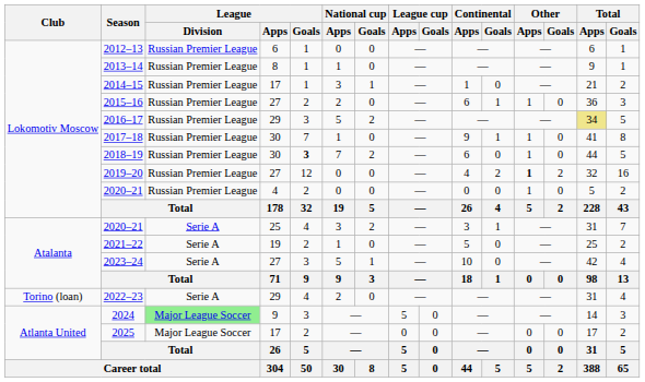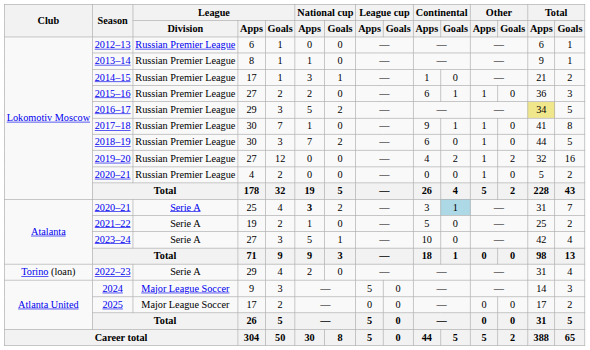 <table class="wikitable" style="text-align:center">
 <tr>
 <th rowspan="2">Club</th>
 <th rowspan="2">Season</th>
 <th colspan="3">League</th>
 <th colspan="2">National cup</th>
 <th colspan="2">League cup</th>
 <th colspan="2">Continental</th>
 <th colspan="2">Other</th>
 <th colspan="2">Total</th>
 </tr>
 <tr>
 <th>Division</th>
 <th>Apps</th>
 <th>Goals</th>
 <th>Apps</th>
 <th>Goals</th>
 <th>Apps</th>
 <th>Goals</th>
 <th>Apps</th>
 <th>Goals</th>
 <th>Apps</th>
 <th>Goals</th>
 <th>Apps</th>
 <th>Goals</th>
 </tr>
 <tr>
 <td rowspan="10"><a href='#'>Lokomotiv Moscow</a></td>
 <td><a href='#'>2012–13</a></td>
 <td><a href='#'>Russian Premier League</a></td>
 <td>6</td>
 <td>1</td>
 <td>0</td>
 <td>0</td>
 <td colspan="2">—</td>
 <td colspan="2">—</td>
 <td colspan="2">—</td>
 <td>6</td>
 <td>1</td>
 </tr>
 <tr>
 <td><a href='#'>2013–14</a></td>
 <td>Russian Premier League</td>
 <td>8</td>
 <td>1</td>
 <td>1</td>
 <td>0</td>
 <td colspan="2">—</td>
 <td colspan="2">—</td>
 <td colspan="2">—</td>
 <td>9</td>
 <td>1</td>
 </tr>
 <tr>
 <td><a href='#'>2014–15</a></td>
 <td>Russian Premier League</td>
 <td>17</td>
 <td>1</td>
 <td>3</td>
 <td>1</td>
 <td colspan="2">—</td>
 <td>1</td>
 <td>0</td>
 <td colspan="2">—</td>
 <td>21</td>
 <td>2</td>
 </tr>
 <tr>
 <td><a href='#'>2015–16</a></td>
 <td>Russian Premier League</td>
 <td>27</td>
 <td>2</td>
 <td>2</td>
 <td>0</td>
 <td colspan="2">—</td>
 <td>6</td>
 <td>1</td>
 <td>1</td>
 <td>0</td>
 <td>36</td>
 <td>3</td>
 </tr>
 <tr>
 <td><a href='#'>2016–17</a></td>
 <td>Russian Premier League</td>
 <td>29</td>
 <td>3</td>
 <td>5</td>
 <td>2</td>
 <td colspan="2">—</td>
 <td colspan="2">—</td>
 <td colspan="2">—</td>
 <td style="background: khaki;">34</td>
 <td>5</td>
 </tr>
 <tr>
 <td><a href='#'>2017–18</a></td>
 <td>Russian Premier League</td>
 <td>30</td>
 <td>7</td>
 <td>1</td>
 <td>0</td>
 <td colspan="2">—</td>
 <td>9</td>
 <td>1</td>
 <td>1</td>
 <td>0</td>
 <td>41</td>
 <td>8</td>
 </tr>
 <tr>
 <td><a href='#'>2018–19</a></td>
 <td>Russian Premier League</td>
 <td>30</td>
-<td><strong>3</strong></td>
+<td>3</td>
 <td>7</td>
 <td>2</td>
 <td colspan="2">—</td>
 <td>6</td>
 <td>0</td>
 <td>1</td>
 <td>0</td>
 <td>44</td>
 <td>5</td>
 </tr>
 <tr>
 <td><a href='#'>2019–20</a></td>
 <td>Russian Premier League</td>
 <td>27</td>
 <td>12</td>
 <td>0</td>
 <td>0</td>
 <td colspan="2">—</td>
 <td>4</td>
 <td>2</td>
-<td><strong>1</strong></td>
+<td>1</td>
 <td>2</td>
 <td>32</td>
 <td>16</td>
 </tr>
 <tr>
 <td><a href='#'>2020–21</a></td>
 <td>Russian Premier League</td>
 <td>4</td>
 <td>2</td>
 <td>0</td>
 <td>0</td>
 <td colspan="2">—</td>
 <td>0</td>
 <td>0</td>
 <td>1</td>
 <td>0</td>
 <td>5</td>
 <td>2</td>
 </tr>
 <tr>
 <th colspan="2">Total</th>
 <th>178</th>
 <th>32</th>
 <th>19</th>
 <th>5</th>
 <th colspan="2">—</th>
 <th>26</th>
 <th>4</th>
 <th>5</th>
 <th>2</th>
 <th>228</th>
 <th>43</th>
 </tr>
 <tr>
 <td rowspan="4"><a href='#'>Atalanta</a></td>
 <td><a href='#'>2020–21</a></td>
 <td><a href='#'>Serie A</a></td>
 <td>25</td>
 <td>4</td>
-<td>3</td>
+<td><strong>3</strong></td>
 <td>2</td>
 <td colspan="2">—</td>
 <td>3</td>
-<td>1</td>
+<td style="background: lightblue;">1</td>
 <td colspan="2">—</td>
 <td>31</td>
 <td>7</td>
 </tr>
 <tr>
 <td><a href='#'>2021–22</a></td>
 <td>Serie A</td>
 <td>19</td>
 <td>2</td>
 <td>1</td>
 <td>0</td>
 <td colspan="2">—</td>
 <td>5</td>
 <td>0</td>
 <td colspan="2">—</td>
 <td>25</td>
 <td>2</td>
 </tr>
 <tr>
 <td><a href='#'>2023–24</a></td>
 <td>Serie A</td>
 <td>27</td>
 <td>3</td>
 <td>5</td>
 <td>1</td>
 <td colspan="2">—</td>
 <td>10</td>
 <td>0</td>
 <td colspan="2">—</td>
 <td>42</td>
 <td>4</td>
 </tr>
 <tr>
 <th colspan="2">Total</th>
 <th>71</th>
 <th>9</th>
 <th>9</th>
 <th>3</th>
 <th colspan="2">—</th>
 <th>18</th>
 <th>1</th>
 <th>0</th>
 <th>0</th>
 <th>98</th>
 <th>13</th>
 </tr>
 <tr>
 <td><a href='#'>Torino</a> (loan)</td>
 <td><a href='#'>2022–23</a></td>
 <td>Serie A</td>
 <td>29</td>
 <td>4</td>
 <td>2</td>
 <td>0</td>
 <td colspan="2">—</td>
 <td colspan="2">—</td>
 <td colspan="2">—</td>
 <td>31</td>
 <td>4</td>
 </tr>
 <tr>
 <td rowspan="3"><a href='#'>Atlanta United</a></td>
 <td><a href='#'>2024</a></td>
-<td style="background: lightgreen;"><a href='#'>Major League Soccer</a></td>
+<td><a href='#'>Major League Soccer</a></td>
 <td>9</td>
 <td>3</td>
 <td colspan="2">—</td>
 <td>5</td>
 <td>0</td>
 <td colspan="2">—</td>
 <td colspan="2">—</td>
 <td>14</td>
 <td>3</td>
 </tr>
 <tr>
 <td><a href='#'>2025</a></td>
 <td>Major League Soccer</td>
 <td>17</td>
 <td>2</td>
 <td colspan="2">—</td>
 <td>0</td>
 <td>0</td>
 <td colspan="2">—</td>
 <td>0</td>
 <td>0</td>
 <td>17</td>
 <td>2</td>
 </tr>
 <tr>
 <th colspan="2">Total</th>
 <th>26</th>
 <th>5</th>
 <th colspan="2">—</th>
 <th>5</th>
 <th>0</th>
 <th colspan="2">—</th>
 <th>0</th>
 <th>0</th>
 <th>31</th>
 <th>5</th>
 </tr>
 <tr>
 <th colspan="3">Career total</th>
 <th>304</th>
 <th>50</th>
 <th>30</th>
 <th>8</th>
 <th>5</th>
 <th>0</th>
 <th>44</th>
 <th>5</th>
 <th>5</th>
 <th>2</th>
 <th>388</th>
 <th>65</th>
 </tr>
 </table>
